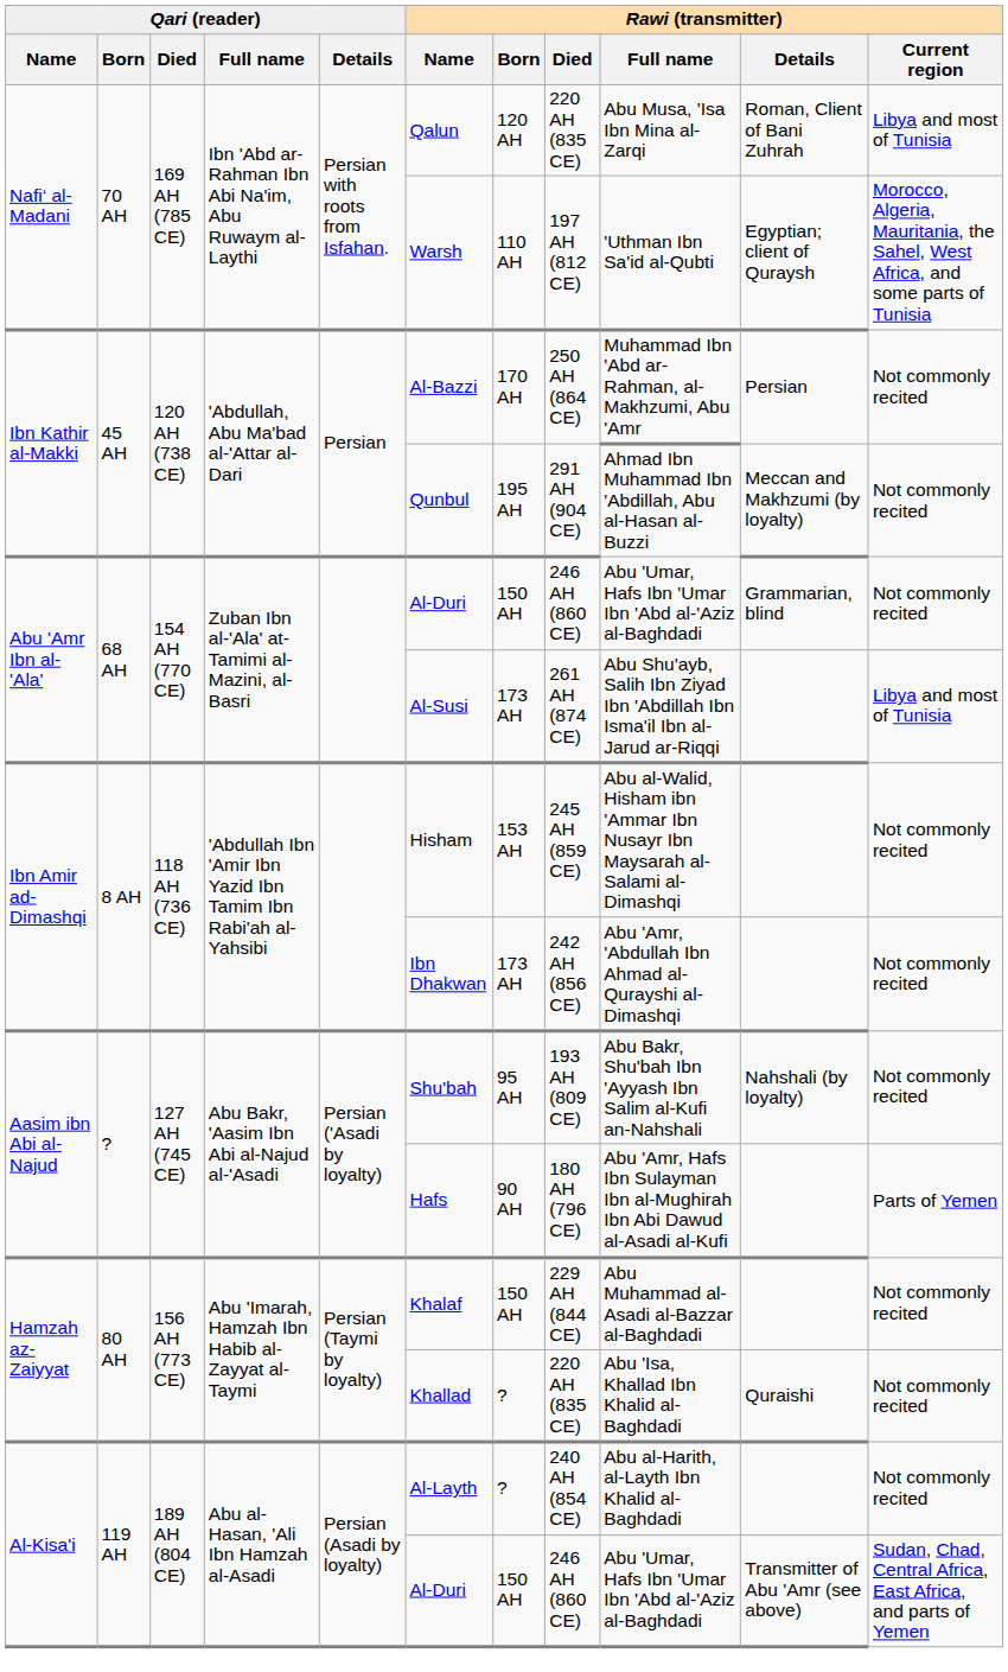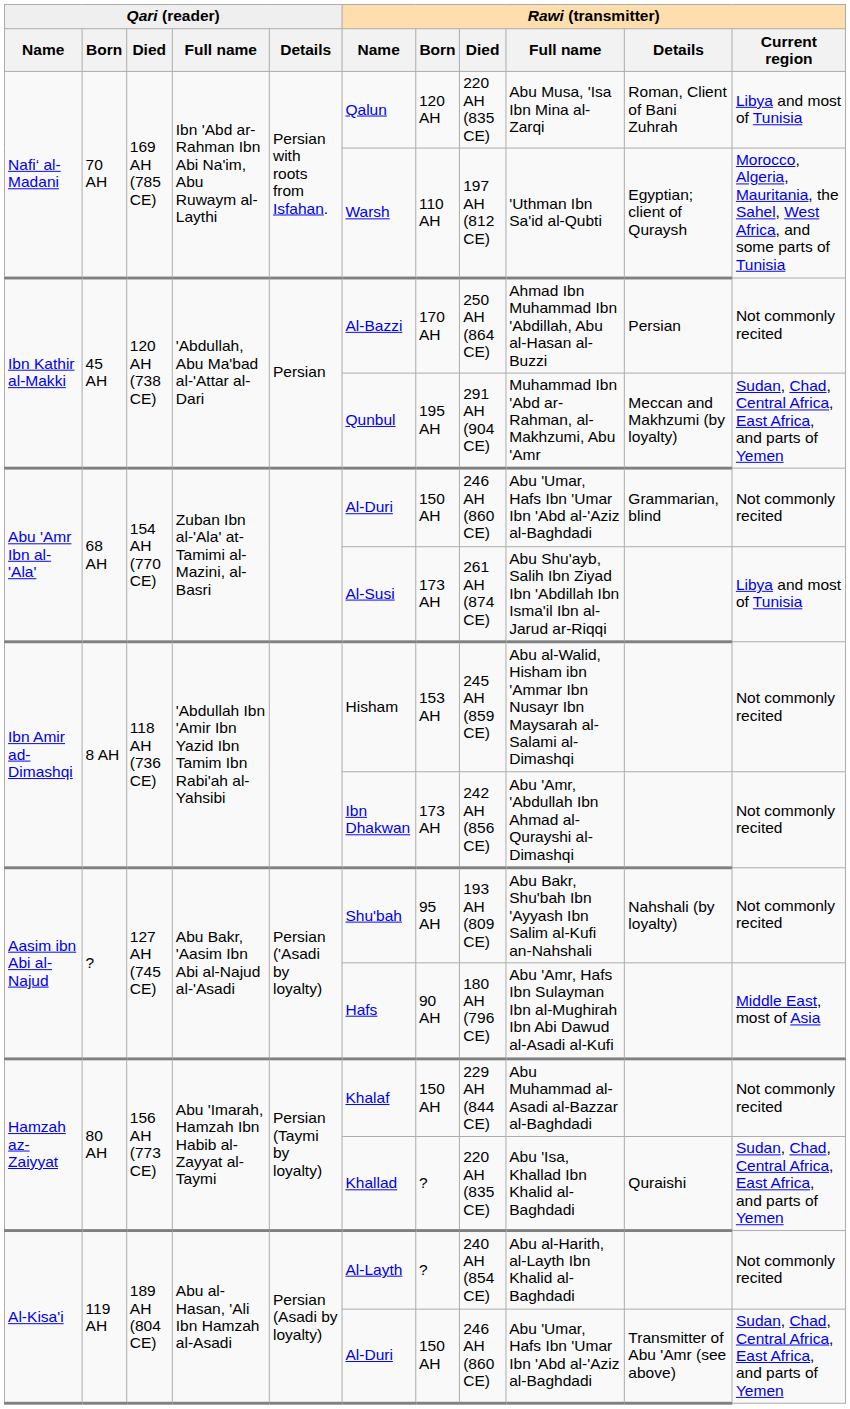 <table class="wikitable">
 <tr>
 <th colspan="5" Style="background:#efefef;"><em>Qari</em> (reader)</th>
 <th colspan="6" style="background:#ffdead;"><em>Rawi</em> (transmitter)</th>
 </tr>
 <tr>
 <th>Name</th>
 <th>Born</th>
 <th>Died</th>
 <th>Full name</th>
 <th>Details</th>
 <th>Name</th>
 <th>Born</th>
 <th>Died</th>
 <th>Full name</th>
 <th>Details</th>
 <th>Current region</th>
 </tr>
 <tr>
 <td rowspan=2 style="border-bottom:3px solid grey;"><a href='#'>Nafi‘ al-Madani</a></td>
 <td rowspan=2 style="border-bottom:3px solid grey;">70 AH</td>
 <td rowspan=2 style="border-bottom:3px solid grey;">169 AH (785 CE)</td>
 <td rowspan=2 style="border-bottom:3px solid grey;">Ibn 'Abd ar-Rahman Ibn Abi Na'im, Abu Ruwaym al-Laythi</td>
 <td rowspan=2 style="border-bottom:3px solid grey;">Persian with roots from <a href='#'>Isfahan</a>.</td>
 <td><a href='#'>Qalun</a></td>
 <td>120 AH</td>
 <td>220 AH (835 CE)</td>
 <td>Abu Musa, 'Isa Ibn Mina al-Zarqi</td>
 <td>Roman, Client of Bani Zuhrah</td>
 <td><a href='#'>Libya</a> and most of <a href='#'>Tunisia</a></td>
 </tr>
 <tr>
 <td style="border-bottom:3px solid grey;"><a href='#'>Warsh</a></td>
 <td style="border-bottom:3px solid grey;">110 AH</td>
 <td style="border-bottom:3px solid grey;">197 AH (812 CE)</td>
 <td style="border-bottom:3px solid grey;">'Uthman Ibn Sa'id al-Qubti</td>
 <td style="border-bottom:3px solid grey;">Egyptian; client of Quraysh</td>
 <td><a href='#'>Morocco</a>, <a href='#'>Algeria</a>, <a href='#'>Mauritania</a>, the <a href='#'>Sahel</a>, <a href='#'>West Africa</a>, and some parts of <a href='#'>Tunisia</a></td>
 </tr>
 <tr>
 <td rowspan=2 style="border-bottom:3px solid grey;"><a href='#'>Ibn Kathir al-Makki</a></td>
 <td rowspan=2 style="border-bottom:3px solid grey;">45 AH</td>
 <td rowspan=2 style="border-bottom:3px solid grey;">120 AH (738 CE)</td>
 <td rowspan=2 style="border-bottom:3px solid grey;">'Abdullah, Abu Ma'bad al-'Attar al-Dari</td>
 <td rowspan=2 style="border-bottom:3px solid grey;">Persian</td>
 <td><a href='#'>Al-Bazzi</a></td>
 <td>170 AH</td>
 <td>250 AH (864 CE)</td>
-<td style="border-bottom:3px solid grey;">Muhammad Ibn 'Abd ar-Rahman, al-Makhzumi, Abu 'Amr</td>
+<td>Ahmad Ibn Muhammad Ibn 'Abdillah, Abu al-Hasan al-Buzzi</td>
 <td>Persian</td>
 <td>Not commonly recited</td>
 </tr>
 <tr>
 <td style="border-bottom:3px solid grey;"><a href='#'>Qunbul</a></td>
 <td style="border-bottom:3px solid grey;">195 AH</td>
 <td style="border-bottom:3px solid grey;">291 AH (904 CE)</td>
-<td>Ahmad Ibn Muhammad Ibn 'Abdillah, Abu al-Hasan al-Buzzi</td>
+<td style="border-bottom:3px solid grey;">Muhammad Ibn 'Abd ar-Rahman, al-Makhzumi, Abu 'Amr</td>
 <td style="border-bottom:3px solid grey;">Meccan and Makhzumi (by loyalty)</td>
-<td>Not commonly recited</td>
+<td><a href='#'>Sudan</a>, <a href='#'>Chad</a>, <a href='#'>Central Africa</a>, <a href='#'>East Africa</a>, and parts of <a href='#'>Yemen</a></td>
 </tr>
 <tr>
 <td rowspan=2 style="border-bottom:3px solid grey;"><a href='#'>Abu 'Amr Ibn al-'Ala'</a></td>
 <td rowspan=2 style="border-bottom:3px solid grey;">68 AH</td>
 <td rowspan=2 style="border-bottom:3px solid grey;">154 AH (770 CE)</td>
 <td rowspan=2 style="border-bottom:3px solid grey;">Zuban Ibn al-'Ala' at-Tamimi al-Mazini, al-Basri</td>
 <td rowspan=2 style="border-bottom:3px solid grey;"></td>
 <td><a href='#'>Al-Duri</a></td>
 <td>150 AH</td>
 <td>246 AH (860 CE)</td>
 <td>Abu 'Umar, Hafs Ibn 'Umar Ibn 'Abd al-'Aziz al-Baghdadi</td>
 <td>Grammarian, blind</td>
 <td>Not commonly recited</td>
 </tr>
 <tr>
 <td style="border-bottom:3px solid grey;"><a href='#'>Al-Susi</a></td>
 <td style="border-bottom:3px solid grey;">173<br>AH</td>
 <td style="border-bottom:3px solid grey;">261 AH (874 CE)</td>
 <td style="border-bottom:3px solid grey;">Abu Shu'ayb, Salih Ibn Ziyad Ibn 'Abdillah Ibn Isma'il Ibn al-Jarud ar-Riqqi</td>
 <td style="border-bottom:3px solid grey;"></td>
 <td><a href='#'>Libya</a> and most of <a href='#'>Tunisia</a></td>
 </tr>
 <tr>
 <td rowspan=2 style="border-bottom:3px solid grey;"><a href='#'>Ibn Amir ad-Dimashqi</a></td>
 <td rowspan=2 style="border-bottom:3px solid grey;">8 AH</td>
 <td rowspan=2 style="border-bottom:3px solid grey;">118 AH (736 CE)</td>
 <td rowspan=2 style="border-bottom:3px solid grey;">'Abdullah Ibn 'Amir Ibn Yazid Ibn Tamim Ibn Rabi'ah al-Yahsibi</td>
 <td rowspan=2 style="border-bottom:3px solid grey;"></td>
 <td>Hisham</td>
 <td>153 AH</td>
 <td>245 AH (859 CE)</td>
 <td>Abu al-Walid, Hisham ibn 'Ammar Ibn Nusayr Ibn Maysarah al-Salami al-Dimashqi</td>
 <td></td>
 <td>Not commonly recited</td>
 </tr>
 <tr>
 <td style="border-bottom:3px solid grey;"><a href='#'>Ibn Dhakwan</a></td>
 <td style="border-bottom:3px solid grey;">173 AH</td>
 <td style="border-bottom:3px solid grey;">242 AH (856 CE)</td>
 <td style="border-bottom:3px solid grey;">Abu 'Amr, 'Abdullah Ibn Ahmad al-Qurayshi al-Dimashqi</td>
 <td style="border-bottom:3px solid grey;"></td>
 <td>Not commonly recited</td>
 </tr>
 <tr>
 <td rowspan=2 style="border-bottom:3px solid grey;"><a href='#'>Aasim ibn Abi al-Najud</a></td>
 <td rowspan=2 style="border-bottom:3px solid grey;">?</td>
 <td rowspan=2 style="border-bottom:3px solid grey;">127 AH (745 CE)</td>
 <td rowspan=2 style="border-bottom:3px solid grey;">Abu Bakr, 'Aasim Ibn Abi al-Najud al-'Asadi</td>
 <td rowspan=2 style="border-bottom:3px solid grey;">Persian ('Asadi by loyalty)</td>
 <td><a href='#'>Shu'bah</a></td>
 <td>95 AH</td>
 <td>193 AH (809 CE)</td>
 <td>Abu Bakr, Shu'bah Ibn 'Ayyash Ibn Salim al-Kufi an-Nahshali</td>
 <td>Nahshali (by loyalty)</td>
 <td>Not commonly recited</td>
 </tr>
 <tr>
 <td style="border-bottom:3px solid grey;"><a href='#'>Hafs</a></td>
 <td style="border-bottom:3px solid grey;">90 AH</td>
 <td style="border-bottom:3px solid grey;">180 AH (796 CE)</td>
 <td style="border-bottom:3px solid grey;">Abu 'Amr, Hafs Ibn Sulayman Ibn al-Mughirah Ibn Abi Dawud al-Asadi al-Kufi</td>
 <td style="border-bottom:3px solid grey;"></td>
-<td>Parts of <a href='#'>Yemen</a></td>
+<td style="border-bottom:3px solid grey;"><a href='#'>Middle East</a>, most of <a href='#'>Asia</a></td>
 </tr>
 <tr>
 <td rowspan=2 style="border-bottom:3px solid grey;"><a href='#'>Hamzah az-Zaiyyat</a></td>
 <td rowspan=2 style="border-bottom:3px solid grey;">80 AH</td>
 <td rowspan=2 style="border-bottom:3px solid grey;">156 AH (773 CE)</td>
 <td rowspan=2 style="border-bottom:3px solid grey;">Abu 'Imarah, Hamzah Ibn Habib al-Zayyat al-Taymi</td>
 <td rowspan=2 style="border-bottom:3px solid grey;">Persian (Taymi by loyalty)</td>
 <td><a href='#'>Khalaf</a></td>
 <td>150 AH</td>
 <td>229 AH (844 CE)</td>
 <td>Abu Muhammad al-Asadi al-Bazzar al-Baghdadi</td>
 <td></td>
 <td>Not commonly recited</td>
 </tr>
 <tr>
 <td style="border-bottom:3px solid grey;"><a href='#'>Khallad</a></td>
 <td style="border-bottom:3px solid grey;">?</td>
 <td style="border-bottom:3px solid grey;">220 AH (835 CE)</td>
 <td style="border-bottom:3px solid grey;">Abu 'Isa, Khallad Ibn Khalid al-Baghdadi</td>
 <td style="border-bottom:3px solid grey;">Quraishi</td>
-<td>Not commonly recited</td>
+<td><a href='#'>Sudan</a>, <a href='#'>Chad</a>, <a href='#'>Central Africa</a>, <a href='#'>East Africa</a>, and parts of <a href='#'>Yemen</a></td>
 </tr>
 <tr>
 <td rowspan=2 style="border-bottom:3px solid grey;"><a href='#'>Al-Kisa'i</a></td>
 <td rowspan=2 style="border-bottom:3px solid grey;">119 AH</td>
 <td rowspan=2 style="border-bottom:3px solid grey;">189 AH (804 CE)</td>
 <td rowspan=2 style="border-bottom:3px solid grey;">Abu al-Hasan, 'Ali Ibn Hamzah al-Asadi</td>
 <td rowspan=2 style="border-bottom:3px solid grey;">Persian (Asadi by loyalty)</td>
 <td><a href='#'>Al-Layth</a></td>
 <td>?</td>
 <td>240 AH (854 CE)</td>
 <td>Abu al-Harith, al-Layth Ibn Khalid al-Baghdadi</td>
 <td></td>
 <td>Not commonly recited</td>
 </tr>
 <tr>
 <td style="border-bottom:3px solid grey;"><a href='#'>Al-Duri</a></td>
 <td style="border-bottom:3px solid grey;">150 AH</td>
 <td style="border-bottom:3px solid grey;">246 AH (860 CE)</td>
 <td style="border-bottom:3px solid grey;">Abu 'Umar, Hafs Ibn 'Umar Ibn 'Abd al-'Aziz al-Baghdadi</td>
 <td style="border-bottom:3px solid grey;">Transmitter of Abu 'Amr (see above)</td>
 <td><a href='#'>Sudan</a>, <a href='#'>Chad</a>, <a href='#'>Central Africa</a>, <a href='#'>East Africa</a>, and parts of <a href='#'>Yemen</a></td>
 </tr>
 </table>
